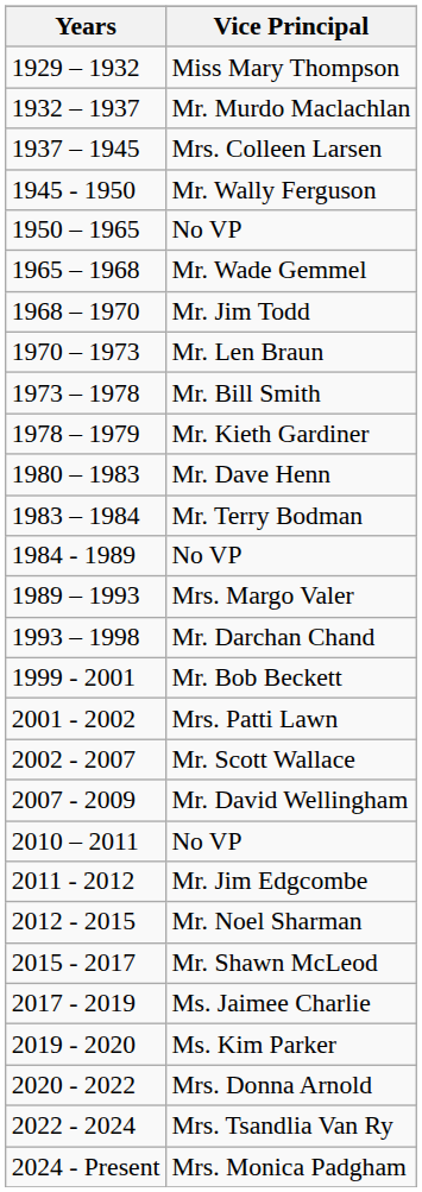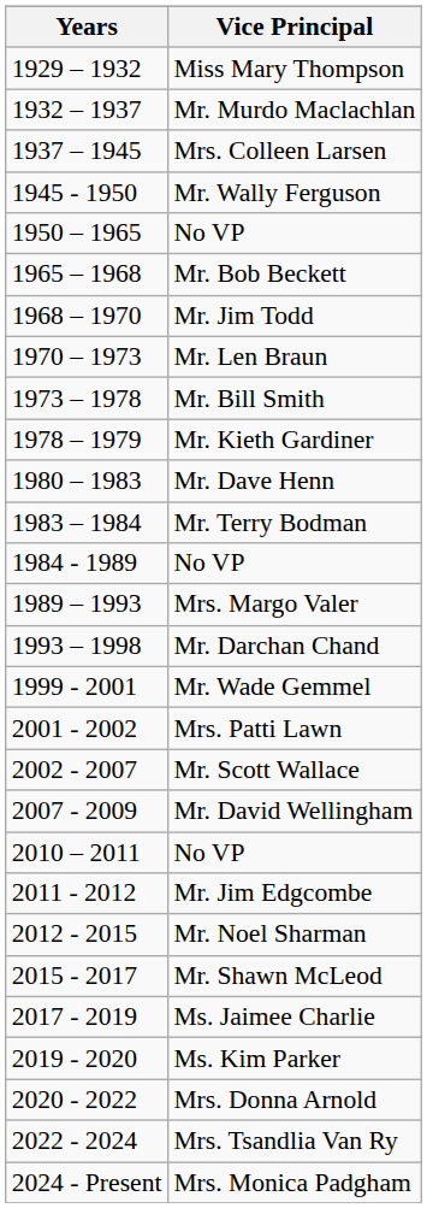 <table class="wikitable" style="float:left; margin-right:1em">
 <tr>
 </tr>
 <tr>
 <th>Years</th>
 <th>Vice Principal</th>
 </tr>
 <tr>
 <td>1929 – 1932</td>
 <td>Miss Mary Thompson</td>
 </tr>
 <tr>
 <td>1932 – 1937</td>
 <td>Mr. Murdo Maclachlan</td>
 </tr>
 <tr>
 <td>1937 – 1945</td>
 <td>Mrs. Colleen Larsen</td>
 </tr>
 <tr>
 <td>1945 - 1950</td>
 <td>Mr. Wally Ferguson</td>
 </tr>
 <tr>
 <td>1950 – 1965</td>
 <td>No VP</td>
 </tr>
 <tr>
 <td>1965 – 1968</td>
-<td>Mr. Wade Gemmel</td>
+<td>Mr. Bob Beckett</td>
 </tr>
 <tr>
 <td>1968 – 1970</td>
 <td>Mr. Jim Todd</td>
 </tr>
 <tr>
 <td>1970 – 1973</td>
 <td>Mr. Len Braun</td>
 </tr>
 <tr>
 <td>1973 – 1978</td>
 <td>Mr. Bill Smith</td>
 </tr>
 <tr>
 <td>1978 – 1979</td>
 <td>Mr. Kieth Gardiner</td>
 </tr>
 <tr>
 <td>1980 – 1983</td>
 <td>Mr. Dave Henn</td>
 </tr>
 <tr>
 <td>1983 – 1984</td>
 <td>Mr. Terry Bodman</td>
 </tr>
 <tr>
 <td>1984 - 1989</td>
 <td>No VP</td>
 </tr>
 <tr>
 <td>1989 – 1993</td>
 <td>Mrs. Margo Valer</td>
 </tr>
 <tr>
 <td>1993 – 1998</td>
 <td>Mr. Darchan Chand</td>
 </tr>
 <tr>
 <td>1999 - 2001</td>
-<td>Mr. Bob Beckett</td>
+<td>Mr. Wade Gemmel</td>
 </tr>
 <tr>
 <td>2001 - 2002</td>
 <td>Mrs. Patti Lawn</td>
 </tr>
 <tr>
 <td>2002 - 2007</td>
 <td>Mr. Scott Wallace</td>
 </tr>
 <tr>
 <td>2007 - 2009</td>
 <td>Mr. David Wellingham</td>
 </tr>
 <tr>
 <td>2010 – 2011</td>
 <td>No VP</td>
 </tr>
 <tr>
 <td>2011 - 2012</td>
 <td>Mr. Jim Edgcombe</td>
 </tr>
 <tr>
 <td>2012 - 2015</td>
 <td>Mr. Noel Sharman</td>
 </tr>
 <tr>
 <td>2015 - 2017</td>
 <td>Mr. Shawn McLeod</td>
 </tr>
 <tr>
 <td>2017 - 2019</td>
 <td>Ms. Jaimee Charlie</td>
 </tr>
 <tr>
 <td>2019 - 2020</td>
 <td>Ms. Kim Parker</td>
 </tr>
 <tr>
 <td>2020 -  2022</td>
 <td>Mrs. Donna Arnold</td>
 </tr>
 <tr>
 <td>2022 - 2024</td>
 <td>Mrs. Tsandlia Van Ry</td>
 </tr>
 <tr>
 <td>2024 - Present</td>
 <td>Mrs. Monica Padgham</td>
 </tr>
 </table>
